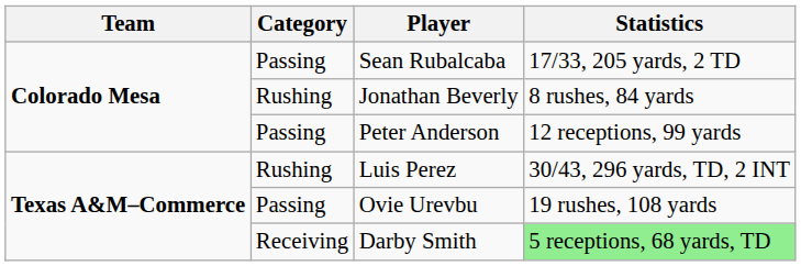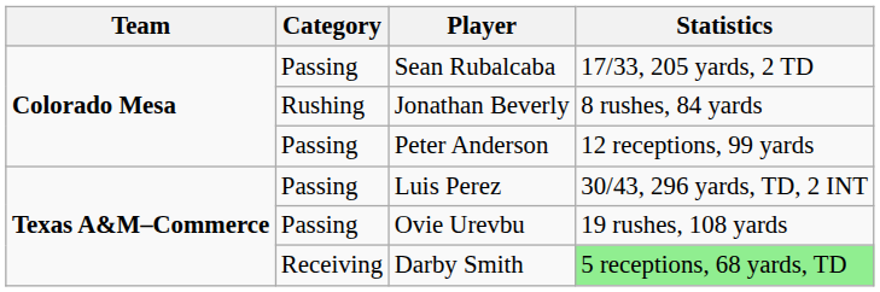 <table class="wikitable" style="float: right;">
 <tr>
 <th>Team</th>
 <th>Category</th>
 <th>Player</th>
 <th>Statistics</th>
 </tr>
 <tr>
 <td rowspan=3><strong>Colorado Mesa</strong></td>
 <td>Passing</td>
 <td>Sean Rubalcaba</td>
 <td>17/33, 205 yards, 2 TD</td>
 </tr>
 <tr>
 <td>Rushing</td>
 <td>Jonathan Beverly</td>
 <td>8 rushes, 84 yards</td>
 </tr>
 <tr>
 <td>Passing</td>
 <td>Peter Anderson</td>
 <td>12 receptions, 99 yards</td>
 </tr>
 <tr>
 <td rowspan=3><strong>Texas A&M–Commerce</strong></td>
-<td>Rushing</td>
+<td>Passing</td>
 <td>Luis Perez</td>
 <td>30/43, 296 yards, TD, 2 INT</td>
 </tr>
 <tr>
 <td>Passing</td>
 <td>Ovie Urevbu</td>
 <td>19 rushes, 108 yards</td>
 </tr>
 <tr>
 <td>Receiving</td>
 <td>Darby Smith</td>
 <td style="background: lightgreen;">5 receptions, 68 yards, TD</td>
 </tr>
 </table>
